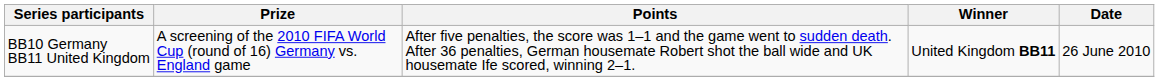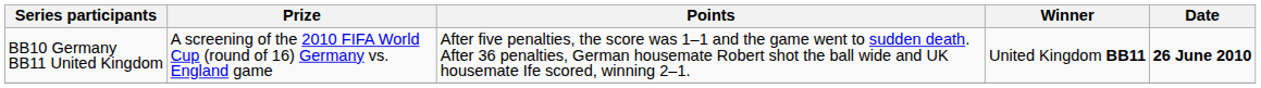 <table class="wikitable" style="text-align:left; font-size:100%; line-height:16px;" width="100%">
 <tr>
 <th>Series participants</th>
 <th>Prize</th>
 <th>Points</th>
 <th>Winner</th>
 <th>Date</th>
 </tr>
 <tr>
 <td nowrap="nowrap">BB10 Germany<br>BB11 United Kingdom</td>
 <td>A screening of the <a href='#'>2010 FIFA World Cup</a> (round of 16) <a href='#'>Germany</a> vs. <a href='#'>England</a> game</td>
 <td>After five penalties, the score was 1–1 and the game went to <a href='#'>sudden death</a>. After 36 penalties, German housemate Robert shot the ball wide and UK housemate Ife scored, winning 2–1.</td>
 <td nowrap="nowrap">United Kingdom <strong>BB11</strong></td>
-<td nowrap="nowrap">26 June 2010</td>
+<td nowrap="nowrap"><strong>26 June 2010</strong></td>
 </tr>
 <tr>
 </tr>
 </table>
